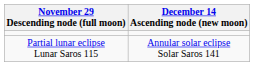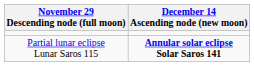 <table class="wikitable">
 <tr>
 <th><a href='#'>November 29</a><br>Descending node (full moon)</th>
 <th><a href='#'>December 14</a><br>Ascending node (new moon)<br></th>
 </tr>
 <tr>
 <td></td>
 <td></td>
 </tr>
 <tr align=center>
 <td><a href='#'>Partial lunar eclipse</a><br>Lunar Saros 115</td>
-<td><a href='#'>Annular solar eclipse</a><br>Solar Saros 141</td>
+<td><strong><a href='#'>Annular solar eclipse</a><br>Solar Saros 141</strong></td>
 </tr>
 </table>
